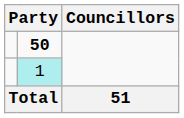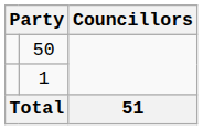 <table class="wikitable">
 <tr>
 <th colspan=2>Party</th>
 <th>Councillors</th>
 </tr>
 <tr>
 <td></td>
-<td align=center><strong>50</strong></td>
+<td align=center>50</td>
 </tr>
 <tr>
 <td></td>
-<td align=center style="background: paleturquoise;">1</td>
+<td align=center>1</td>
 </tr>
 <tr>
 <th colspan=2>Total</th>
 <th align=center>51</th>
 </tr>
 </table>
